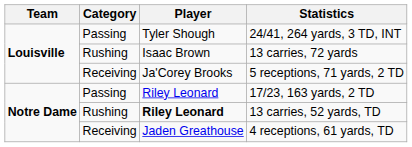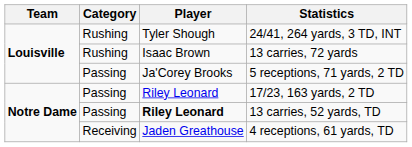 <table class="wikitable" style="float: right;">
 <tr>
 <th>Team</th>
 <th>Category</th>
 <th>Player</th>
 <th>Statistics</th>
 </tr>
 <tr>
 <td rowspan=3><strong>Louisville</strong></td>
-<td>Passing</td>
+<td>Rushing</td>
 <td>Tyler Shough</td>
 <td>24/41, 264 yards, 3 TD, INT</td>
 </tr>
 <tr>
 <td>Rushing</td>
 <td>Isaac Brown</td>
 <td>13 carries, 72 yards</td>
 </tr>
 <tr>
-<td>Receiving</td>
+<td>Passing</td>
 <td>Ja'Corey Brooks</td>
 <td>5 receptions, 71 yards, 2 TD</td>
 </tr>
 <tr>
 <td rowspan=3><strong>Notre Dame</strong></td>
 <td>Passing</td>
 <td><a href='#'>Riley Leonard</a></td>
 <td>17/23, 163 yards, 2 TD</td>
 </tr>
 <tr>
-<td>Rushing</td>
+<td>Passing</td>
 <td><strong>Riley Leonard</strong></td>
 <td>13 carries, 52 yards, TD</td>
 </tr>
 <tr>
 <td>Receiving</td>
 <td><a href='#'>Jaden Greathouse</a></td>
 <td>4 receptions, 61 yards, TD</td>
 </tr>
 </table>
